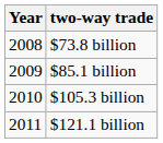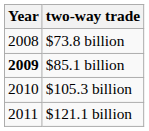 <table class="wikitable sortable">
 <tr>
 <th>Year</th>
 <th>two-way trade</th>
 </tr>
 <tr>
 <td>2008</td>
 <td>$73.8 billion</td>
 </tr>
 <tr>
-<td>2009</td>
+<td><strong>2009</strong></td>
 <td>$85.1 billion</td>
 </tr>
 <tr>
 <td>2010</td>
 <td>$105.3 billion</td>
 </tr>
 <tr>
 <td>2011</td>
 <td>$121.1 billion</td>
 </tr>
 </table>
